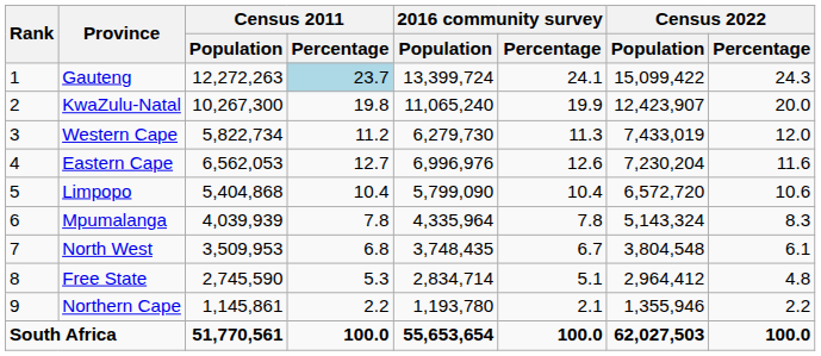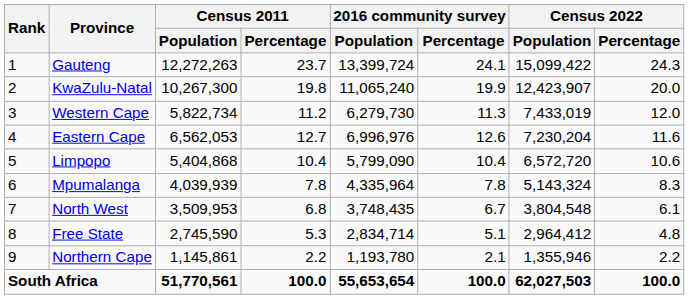 <table class="wikitable">
 <tr>
 <th rowspan=2>Rank</th>
 <th rowspan=2>Province</th>
 <th colspan=2>Census 2011</th>
 <th colspan=2>2016 community survey</th>
 <th colspan=2>Census 2022</th>
 </tr>
 <tr>
 <th>Population</th>
 <th>Percentage</th>
 <th>Population</th>
 <th>Percentage</th>
 <th>Population</th>
 <th>Percentage</th>
 </tr>
 <tr>
 <td>1</td>
 <td><a href='#'>Gauteng</a></td>
 <td style="text-align:right">12,272,263</td>
-<td style="background: lightblue; text-align:right">23.7</td>
+<td style="text-align:right">23.7</td>
 <td style="text-align:right">13,399,724</td>
 <td style="text-align:right">24.1</td>
 <td style="text-align:right">15,099,422</td>
 <td style="text-align:right">24.3</td>
 </tr>
 <tr>
 <td>2</td>
 <td><a href='#'>KwaZulu-Natal</a></td>
 <td style="text-align:right">10,267,300</td>
 <td style="text-align:right">19.8</td>
 <td style="text-align:right">11,065,240</td>
 <td style="text-align:right">19.9</td>
 <td style="text-align:right">12,423,907</td>
 <td style="text-align:right">20.0</td>
 </tr>
 <tr>
 <td>3</td>
 <td><a href='#'>Western Cape</a></td>
 <td style="text-align:right">5,822,734</td>
 <td style="text-align:right">11.2</td>
 <td style="text-align:right">6,279,730</td>
 <td style="text-align:right">11.3</td>
 <td style="text-align:right">7,433,019</td>
 <td style="text-align:right">12.0</td>
 </tr>
 <tr>
 <td>4</td>
 <td><a href='#'>Eastern Cape</a></td>
 <td style="text-align:right">6,562,053</td>
 <td style="text-align:right">12.7</td>
 <td style="text-align:right">6,996,976</td>
 <td style="text-align:right">12.6</td>
 <td style="text-align:right">7,230,204</td>
 <td style="text-align:right">11.6</td>
 </tr>
 <tr>
 <td>5</td>
 <td><a href='#'>Limpopo</a></td>
 <td style="text-align:right">5,404,868</td>
 <td style="text-align:right">10.4</td>
 <td style="text-align:right">5,799,090</td>
 <td style="text-align:right">10.4</td>
 <td style="text-align:right">6,572,720</td>
 <td style="text-align:right">10.6</td>
 </tr>
 <tr>
 <td>6</td>
 <td><a href='#'>Mpumalanga</a></td>
 <td style="text-align:right">4,039,939</td>
 <td style="text-align:right">7.8</td>
 <td style="text-align:right">4,335,964</td>
 <td style="text-align:right">7.8</td>
 <td style="text-align:right">5,143,324</td>
 <td style="text-align:right">8.3</td>
 </tr>
 <tr>
 <td>7</td>
 <td><a href='#'>North West</a></td>
 <td style="text-align:right">3,509,953</td>
 <td style="text-align:right">6.8</td>
 <td style="text-align:right">3,748,435</td>
 <td style="text-align:right">6.7</td>
 <td style="text-align:right">3,804,548</td>
 <td style="text-align:right">6.1</td>
 </tr>
 <tr>
 <td>8</td>
 <td><a href='#'>Free State</a></td>
 <td style="text-align:right">2,745,590</td>
 <td style="text-align:right">5.3</td>
 <td style="text-align:right">2,834,714</td>
 <td style="text-align:right">5.1</td>
 <td style="text-align:right">2,964,412</td>
 <td style="text-align:right">4.8</td>
 </tr>
 <tr>
 <td>9</td>
 <td><a href='#'>Northern Cape</a></td>
 <td style="text-align:right">1,145,861</td>
 <td style="text-align:right">2.2</td>
 <td style="text-align:right">1,193,780</td>
 <td style="text-align:right">2.1</td>
 <td style="text-align:right">1,355,946</td>
 <td style="text-align:right">2.2</td>
 </tr>
 <tr>
 <td colspan=2><strong>South Africa</strong></td>
 <td style="text-align:right"><strong>51,770,561</strong></td>
 <td style="text-align:right"><strong>100.0</strong></td>
 <td style="text-align:right"><strong>55,653,654</strong></td>
 <td style="text-align:right"><strong>100.0</strong></td>
 <td style="text-align:right"><strong>62,027,503</strong></td>
 <td style="text-align:right"><strong>100.0</strong></td>
 </tr>
 </table>
